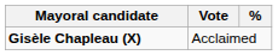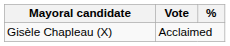 <table class="wikitable">
 <tr>
 <th bgcolor="#DDDDFF" width="200px">Mayoral candidate</th>
 <th bgcolor="#DDDDFF" width="50px">Vote</th>
 <th bgcolor="#DDDDFF"  width="30px">%</th>
 </tr>
 <tr>
-<td><strong>Gisèle Chapleau (X)</strong></td>
+<td>Gisèle Chapleau (X)</td>
 <td colspan="2">Acclaimed</td>
 </tr>
 </table>
